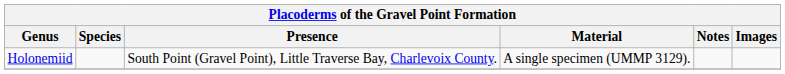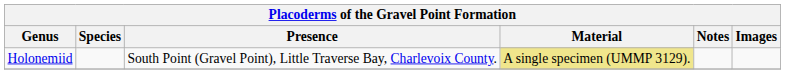 <table class="wikitable" align="center">
 <tr>
 <th colspan="6" align="center"><strong><a href='#'>Placoderms</a> of the Gravel Point Formation</strong></th>
 </tr>
 <tr>
 <th>Genus</th>
 <th>Species</th>
 <th>Presence</th>
 <th><strong>Material</strong></th>
 <th>Notes</th>
 <th>Images</th>
 </tr>
 <tr>
 <td><a href='#'>Holonemiid</a></td>
 <td></td>
 <td>South Point (Gravel Point), Little Traverse Bay, <a href='#'>Charlevoix County</a>.</td>
-<td>A single specimen (UMMP 3129).</td>
+<td style="background: khaki;">A single specimen (UMMP 3129).</td>
 <td></td>
 <td></td>
 </tr>
 <tr>
 </tr>
 </table>
